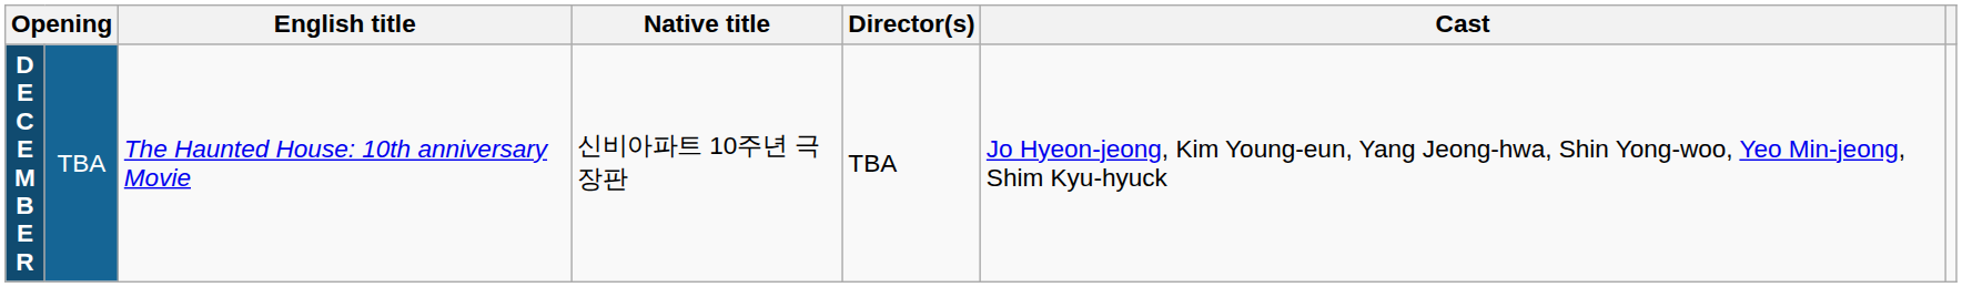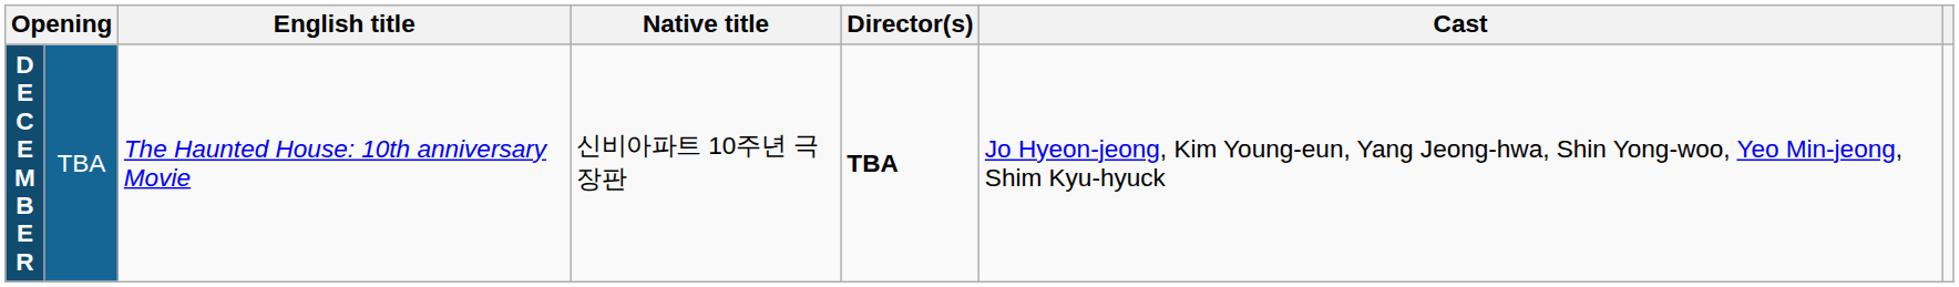 <table class="wikitable sortable">
 <tr>
 <th colspan="2">Opening</th>
 <th>English title</th>
 <th>Native title</th>
 <th>Director(s)</th>
 <th>Cast</th>
 <th class="unsortable"></th>
 </tr>
 <tr>
 <th rowspan="2" style="text-align:center; background:#104B70; color:white;">D<br>E<br>C<br>E<br>M<br>B<br>E<br>R</th>
 <td rowspan="2" style="text-align:center; background:#156595; color:white;">TBA</td>
 <td><em><a href='#'>The Haunted House: 10th anniversary Movie</a></em></td>
 <td>신비아파트 10주년 극장판</td>
-<td>TBA</td>
+<td><strong>TBA</strong></td>
 <td><a href='#'>Jo Hyeon-jeong</a>, Kim Young-eun, Yang Jeong-hwa, Shin Yong-woo, <a href='#'>Yeo Min-jeong</a>, Shim Kyu-hyuck</td>
 <td style="text-align:center"></td>
 </tr>
 </table>
